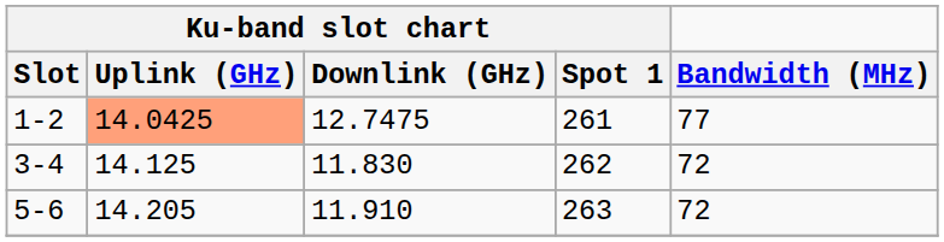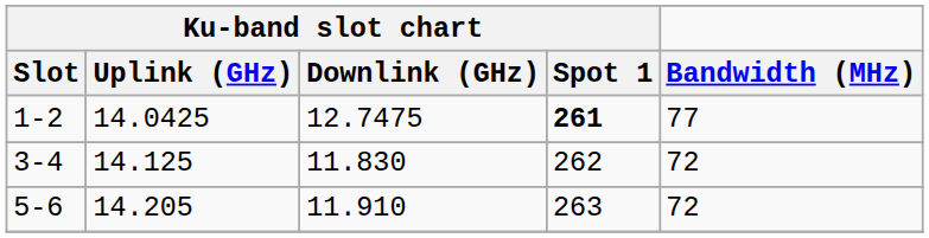 <table class="wikitable collapsible collapsed" style="margin: 1em auto 1em auto;">
 <tr>
 <th colspan="4">Ku-band slot chart</th>
 </tr>
 <tr>
 <th>Slot</th>
 <th>Uplink (<a href='#'>GHz</a>)<br></th>
 <th>Downlink (GHz)<br></th>
 <th>Spot 1</th>
 <th><a href='#'>Bandwidth</a> (<a href='#'>MHz</a>)</th>
 </tr>
 <tr>
 <td>1-2</td>
-<td style="background: lightsalmon;">14.0425</td>
+<td>14.0425</td>
 <td>12.7475</td>
-<td>261</td>
+<td><strong>261</strong></td>
 <td>77</td>
 </tr>
 <tr>
 <td>3-4</td>
 <td>14.125</td>
 <td>11.830</td>
 <td>262</td>
 <td>72</td>
 </tr>
 <tr>
 <td>5-6</td>
 <td>14.205</td>
 <td>11.910</td>
 <td>263</td>
 <td>72</td>
 </tr>
 <tr>
 </tr>
 </table>
